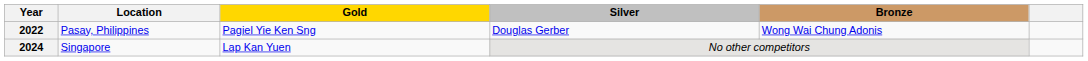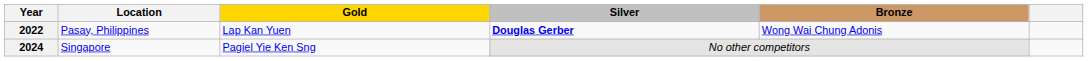 <table class="wikitable unsortable" style="text-align:left; width:80%;">
 <tr>
 <th scope="col" style="text-align:center; width:5%;">Year</th>
 <th scope="col" style="text-align:center; width:15%;">Location</th>
 <td scope="col" style="text-align:center; width:25%; background:gold"><strong>Gold</strong></td>
 <td scope="col" style="text-align:center; width:25%; background:silver"><strong>Silver</strong></td>
 <td scope="col" style="text-align:center; width:25%; background:#c96"><strong>Bronze</strong></td>
 <th scope="col" style="text-align:center; width:5%;"></th>
 </tr>
 <tr>
 <th scope="row">2022</th>
 <td><a href='#'>Pasay, Philippines</a></td>
-<td> <a href='#'>Pagiel Yie Ken Sng</a></td>
-<td> <a href='#'>Douglas Gerber</a></td>
+<td> <a href='#'>Lap Kan Yuen</a></td>
+<td><strong> <a href='#'>Douglas Gerber</a></strong></td>
 <td> <a href='#'>Wong Wai Chung Adonis</a></td>
 <td></td>
 </tr>
 <tr>
 <th scope="row">2024</th>
 <td><a href='#'>Singapore</a></td>
-<td> <a href='#'>Lap Kan Yuen</a></td>
+<td> <a href='#'>Pagiel Yie Ken Sng</a></td>
 <td colspan="2" align="center" bgcolor="e5e4e2"><em>No other competitors</em></td>
 <td></td>
 </tr>
 </table>
